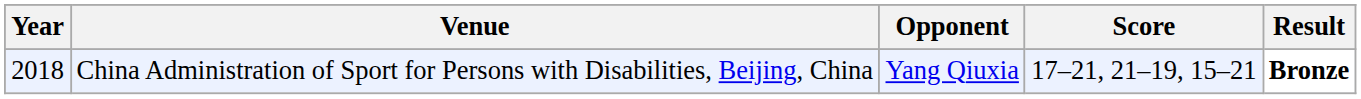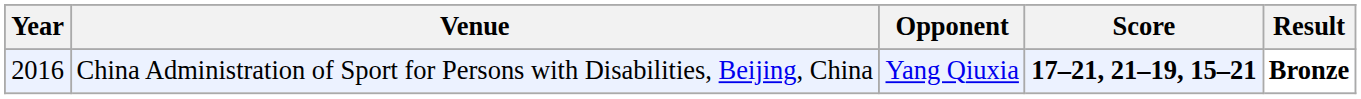 <table class="sortable wikitable" style="font-size: 90%;">
 <tr>
 <th>Year</th>
 <th>Venue</th>
 <th>Opponent</th>
 <th>Score</th>
 <th>Result</th>
 </tr>
 <tr style="background:#ECF2FF">
-<td align="center">2018</td>
+<td align="center">2016</td>
 <td align="left">China Administration of Sport for Persons with Disabilities, <a href='#'>Beijing</a>, China</td>
 <td align="left"> <a href='#'>Yang Qiuxia</a></td>
-<td align="left">17–21, 21–19, 15–21</td>
+<td align="left"><strong>17–21, 21–19, 15–21</strong></td>
 <td style="text-align:left; background:white"> <strong>Bronze</strong></td>
 </tr>
 </table>
